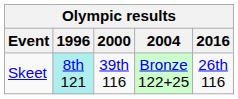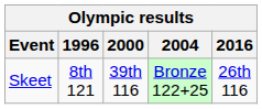 <table class="wikitable" style="text-align: center">
 <tr>
 <th colspan=5>Olympic results</th>
 </tr>
 <tr>
 <th>Event</th>
 <th>1996</th>
 <th>2000</th>
 <th>2004</th>
 <th>2016</th>
 </tr>
 <tr>
 <td align=left><a href='#'>Skeet</a></td>
-<td style="background: paleturquoise;"><a href='#'>8th</a><br>121</td>
+<td><a href='#'>8th</a><br>121</td>
 <td><a href='#'>39th</a><br>116</td>
 <td style="background: #ccffcc"> <a href='#'>Bronze</a><br>122+25</td>
 <td><a href='#'>26th</a><br>116</td>
 </tr>
 </table>
